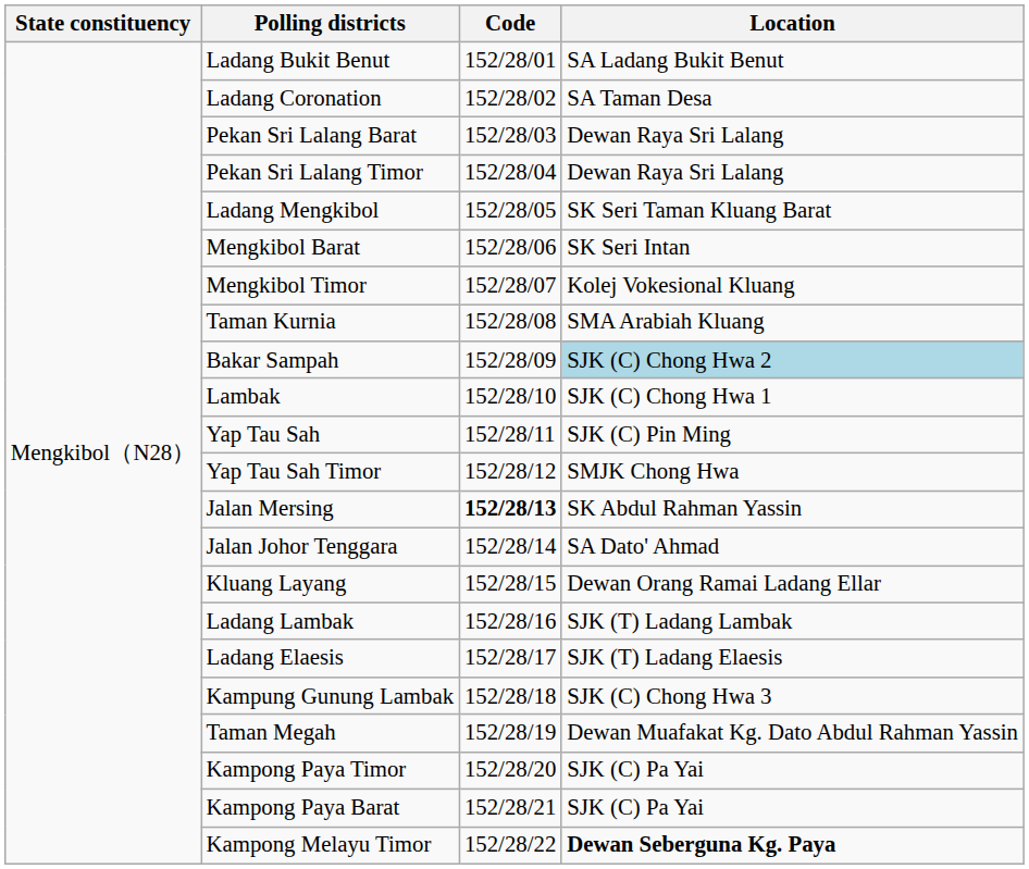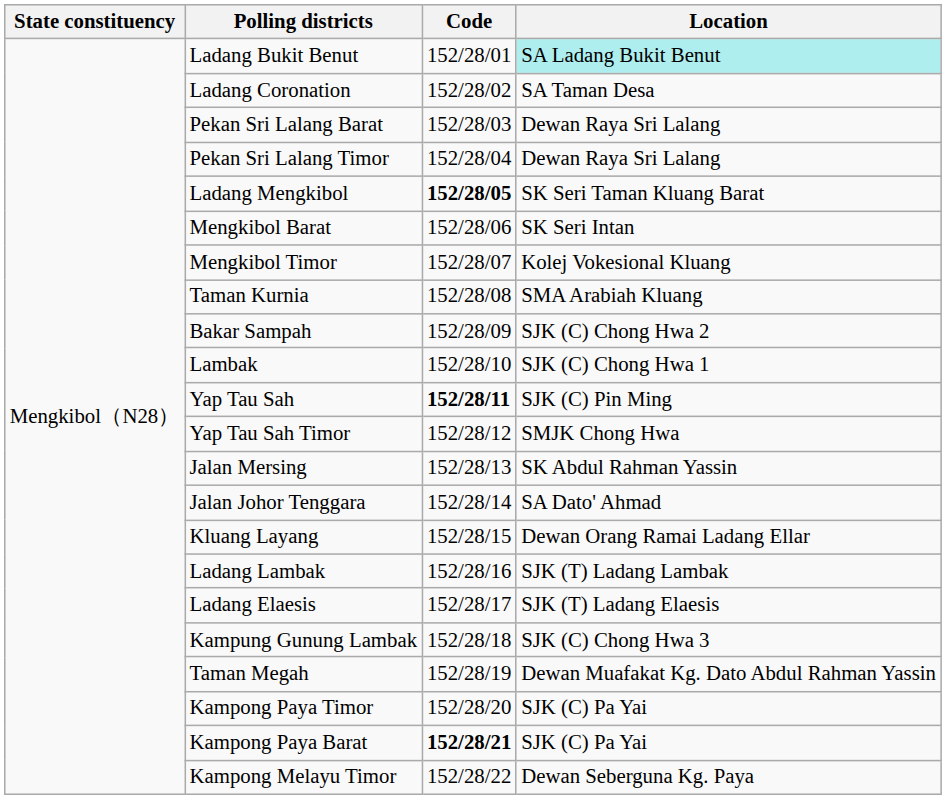 <table class="wikitable sortable mw-collapsible" style="white-space:nowrap;font-size:85%">
 <tr>
 <th>State constituency</th>
 <th>Polling districts</th>
 <th>Code</th>
 <th>Location</th>
 </tr>
 <tr>
 <td rowspan="22">Mengkibol（N28）</td>
 <td>Ladang Bukit Benut</td>
 <td>152/28/01</td>
-<td>SA Ladang Bukit Benut</td>
+<td style="background: paleturquoise;">SA Ladang Bukit Benut</td>
 </tr>
 <tr>
 <td>Ladang Coronation</td>
 <td>152/28/02</td>
 <td>SA Taman Desa</td>
 </tr>
 <tr>
 <td>Pekan Sri Lalang Barat</td>
 <td>152/28/03</td>
 <td>Dewan Raya Sri Lalang</td>
 </tr>
 <tr>
 <td>Pekan Sri Lalang Timor</td>
 <td>152/28/04</td>
 <td>Dewan Raya Sri Lalang</td>
 </tr>
 <tr>
 <td>Ladang Mengkibol</td>
-<td>152/28/05</td>
+<td><strong>152/28/05</strong></td>
 <td>SK Seri Taman Kluang Barat</td>
 </tr>
 <tr>
 <td>Mengkibol Barat</td>
 <td>152/28/06</td>
 <td>SK Seri Intan</td>
 </tr>
 <tr>
 <td>Mengkibol Timor</td>
 <td>152/28/07</td>
 <td>Kolej Vokesional Kluang</td>
 </tr>
 <tr>
 <td>Taman Kurnia</td>
 <td>152/28/08</td>
 <td>SMA Arabiah Kluang</td>
 </tr>
 <tr>
 <td>Bakar Sampah</td>
 <td>152/28/09</td>
-<td style="background: lightblue;">SJK (C) Chong Hwa 2</td>
+<td>SJK (C) Chong Hwa 2</td>
 </tr>
 <tr>
 <td>Lambak</td>
 <td>152/28/10</td>
 <td>SJK (C) Chong Hwa 1</td>
 </tr>
 <tr>
 <td>Yap Tau Sah</td>
-<td>152/28/11</td>
+<td><strong>152/28/11</strong></td>
 <td>SJK (C) Pin Ming</td>
 </tr>
 <tr>
 <td>Yap Tau Sah Timor</td>
 <td>152/28/12</td>
 <td>SMJK Chong Hwa</td>
 </tr>
 <tr>
 <td>Jalan Mersing</td>
-<td><strong>152/28/13</strong></td>
+<td>152/28/13</td>
 <td>SK Abdul Rahman Yassin</td>
 </tr>
 <tr>
 <td>Jalan Johor Tenggara</td>
 <td>152/28/14</td>
 <td>SA Dato' Ahmad</td>
 </tr>
 <tr>
 <td>Kluang Layang</td>
 <td>152/28/15</td>
 <td>Dewan Orang Ramai Ladang Ellar</td>
 </tr>
 <tr>
 <td>Ladang Lambak</td>
 <td>152/28/16</td>
 <td>SJK (T) Ladang Lambak</td>
 </tr>
 <tr>
 <td>Ladang Elaesis</td>
 <td>152/28/17</td>
 <td>SJK (T) Ladang Elaesis</td>
 </tr>
 <tr>
 <td>Kampung Gunung Lambak</td>
 <td>152/28/18</td>
 <td>SJK (C) Chong Hwa 3</td>
 </tr>
 <tr>
 <td>Taman Megah</td>
 <td>152/28/19</td>
 <td>Dewan Muafakat Kg. Dato Abdul Rahman Yassin</td>
 </tr>
 <tr>
 <td>Kampong Paya Timor</td>
 <td>152/28/20</td>
 <td>SJK (C) Pa Yai</td>
 </tr>
 <tr>
 <td>Kampong Paya Barat</td>
-<td>152/28/21</td>
+<td><strong>152/28/21</strong></td>
 <td>SJK (C) Pa Yai</td>
 </tr>
 <tr>
 <td>Kampong Melayu Timor</td>
 <td>152/28/22</td>
-<td><strong>Dewan Seberguna Kg. Paya</strong></td>
+<td>Dewan Seberguna Kg. Paya</td>
 </tr>
 </table>
